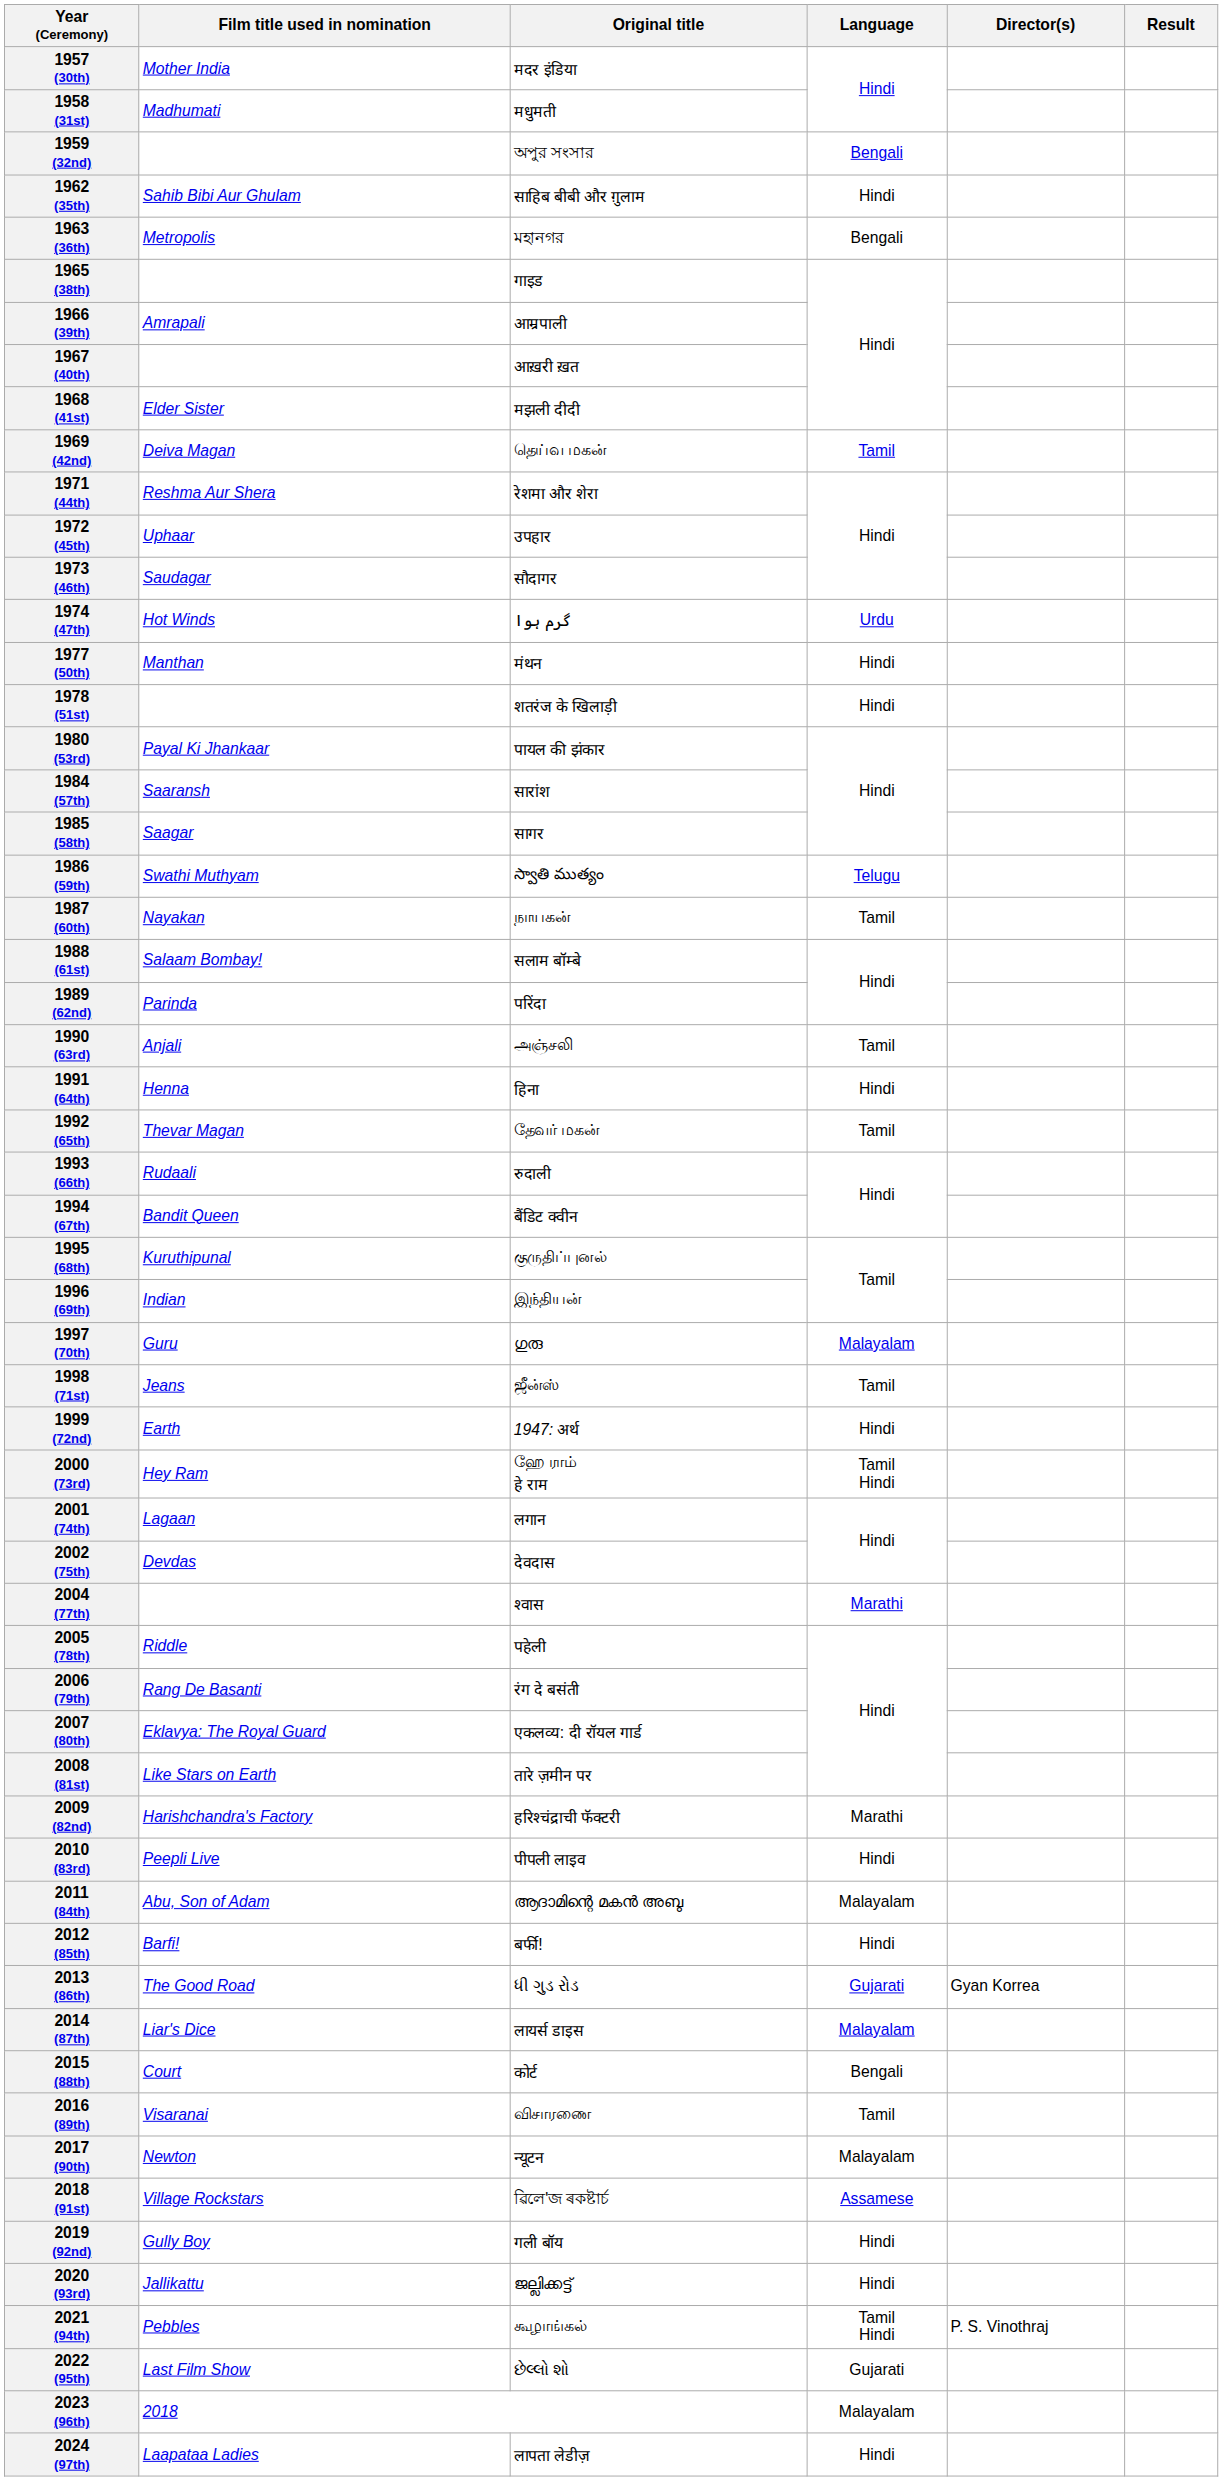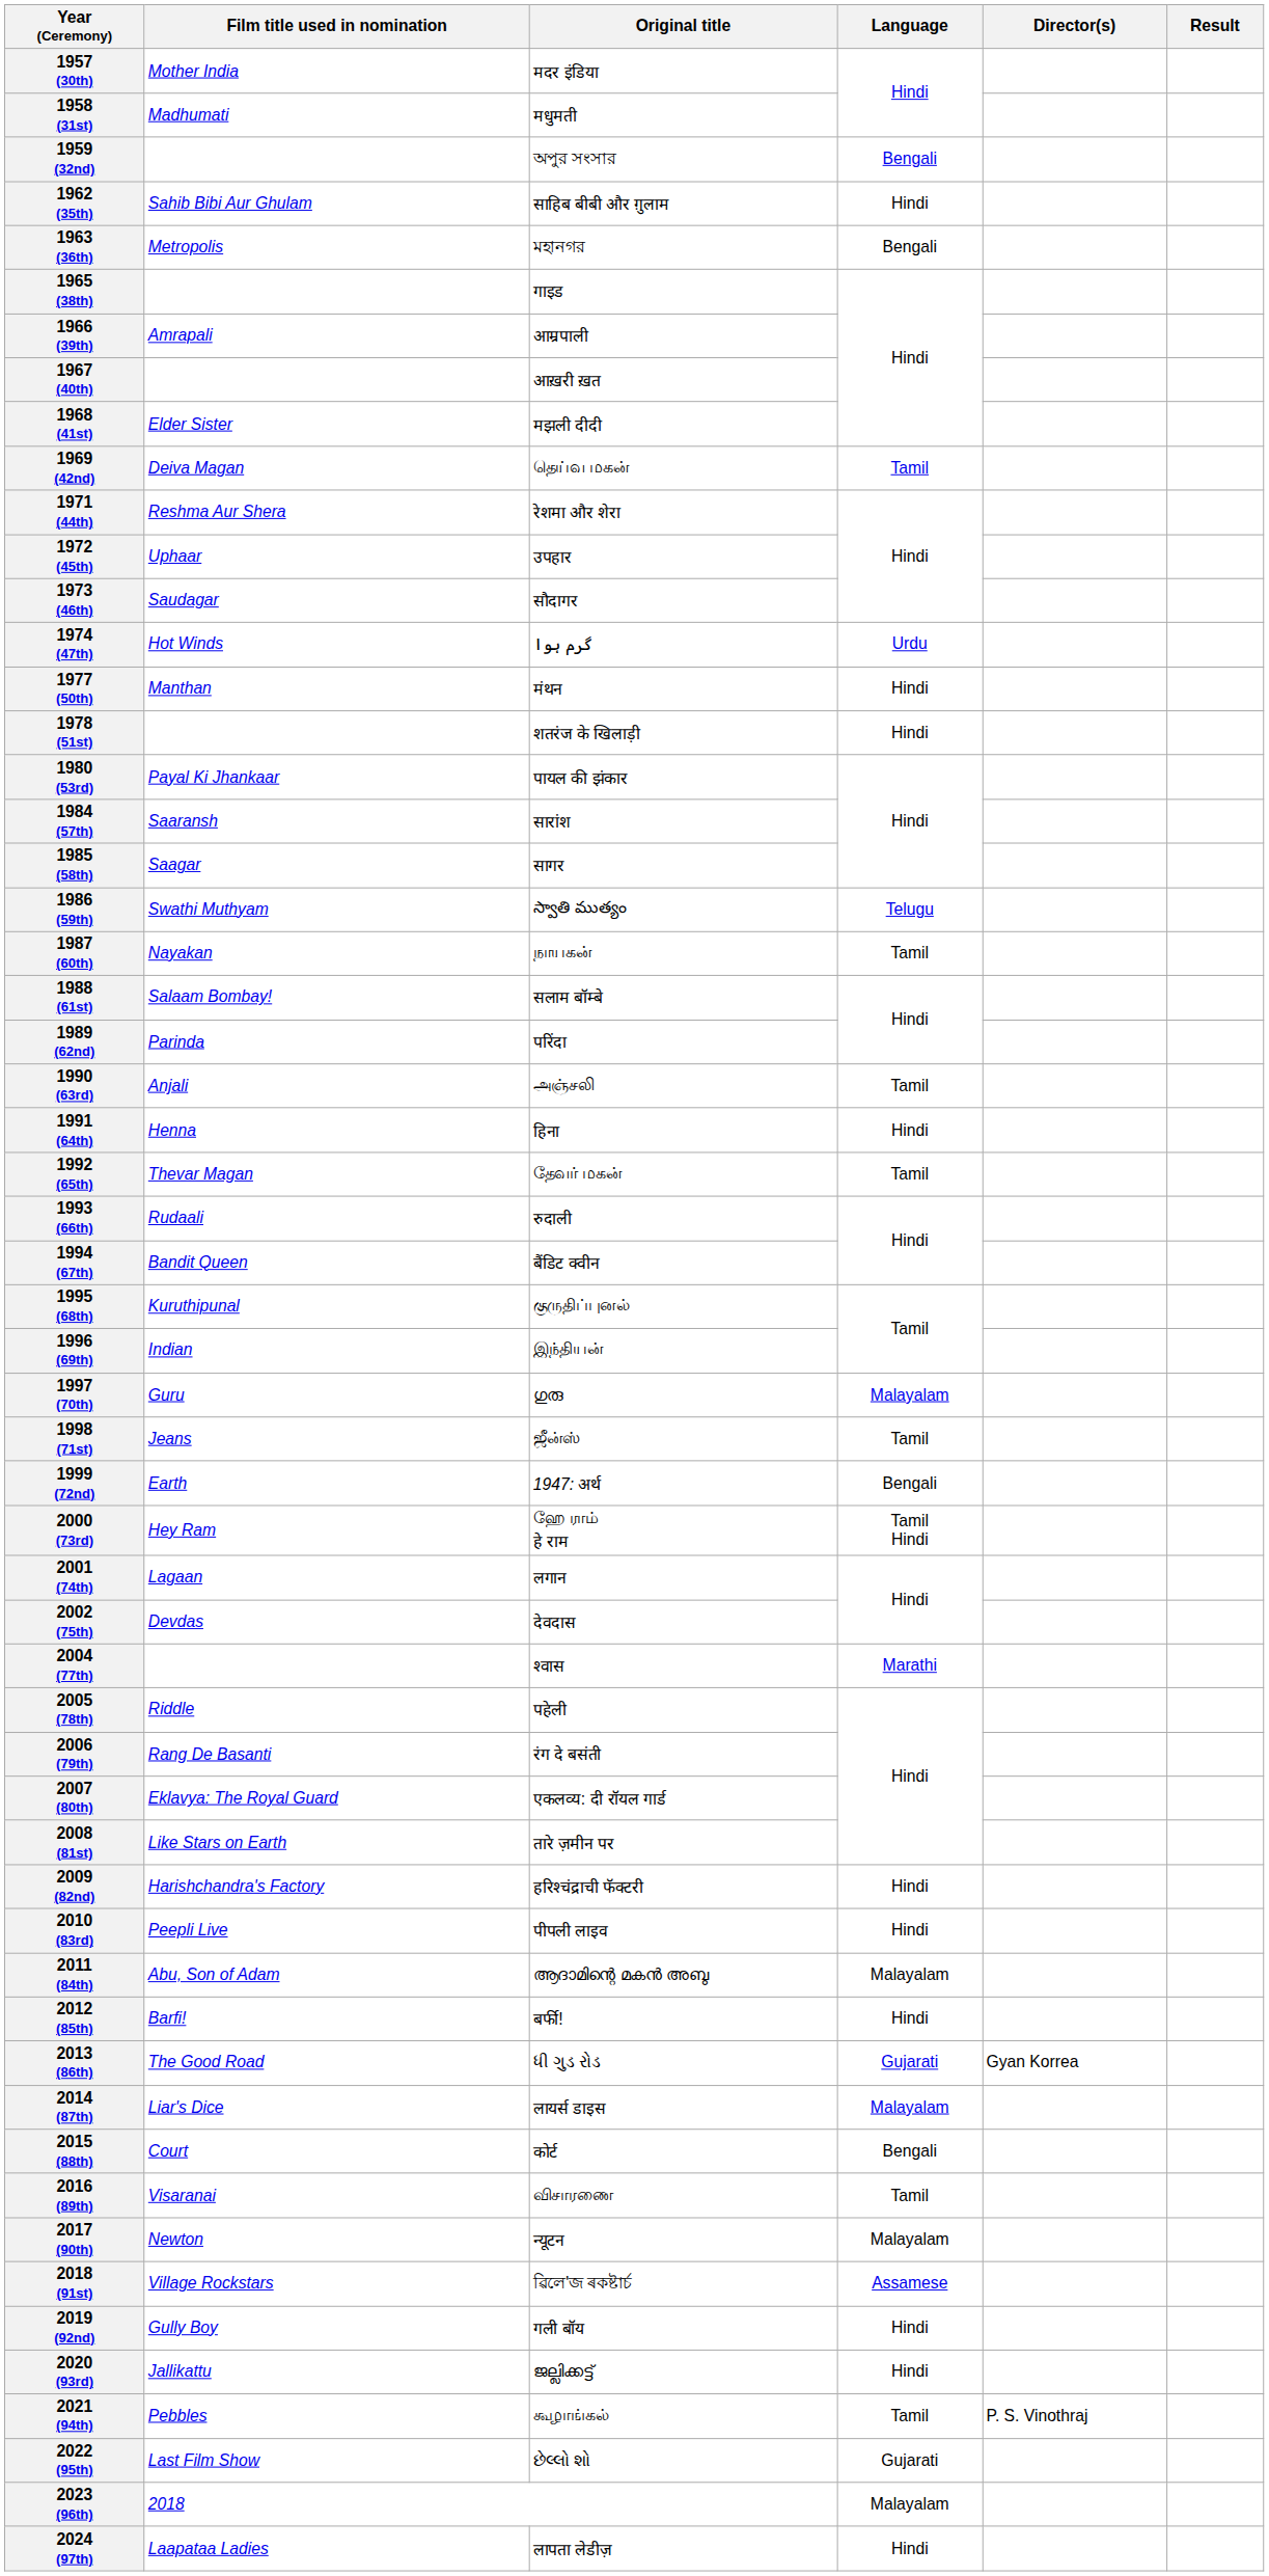 <table class="wikitable sortable" width="98%" style="background:#ffffff;">
 <tr>
 <th>Year<br><small>(Ceremony)</small></th>
 <th>Film title used in nomination</th>
 <th>Original title</th>
 <th>Language</th>
 <th>Director(s)</th>
 <th>Result</th>
 </tr>
 <tr>
 <th align="center">1957<br><small><a href='#'>(30th)</a></small></th>
 <td><em><a href='#'>Mother India</a></em></td>
 <td>मदर इंडिया</td>
 <td rowspan="2" align="center"><a href='#'>Hindi</a></td>
 <td></td>
 <td></td>
 </tr>
 <tr>
 <th align="center">1958<br><small><a href='#'>(31st)</a></small></th>
 <td><em><a href='#'>Madhumati</a></em></td>
 <td>मधुमती</td>
 <td></td>
 <td></td>
 </tr>
 <tr>
 <th align="center">1959<br><small><a href='#'>(32nd)</a></small></th>
 <td><em></em></td>
 <td>অপুর সংসার</td>
 <td align="center"><a href='#'>Bengali</a></td>
 <td></td>
 <td></td>
 </tr>
 <tr>
 <th align="center">1962<br><small><a href='#'>(35th)</a></small></th>
 <td><em><a href='#'>Sahib Bibi Aur Ghulam</a></em></td>
 <td>साहिब बीबी और ग़ुलाम</td>
 <td align="center">Hindi</td>
 <td></td>
 <td></td>
 </tr>
 <tr>
 <th align="center">1963<br><small><a href='#'>(36th)</a></small></th>
 <td><em><a href='#'>Metropolis</a></em></td>
 <td>মহানগর</td>
 <td align="center">Bengali</td>
 <td></td>
 <td></td>
 </tr>
 <tr>
 <th align="center">1965<br><small><a href='#'>(38th)</a></small></th>
 <td><em></em></td>
 <td>गाइड</td>
 <td rowspan="4" align="center">Hindi</td>
 <td></td>
 <td></td>
 </tr>
 <tr>
 <th align="center">1966<br><small><a href='#'>(39th)</a></small></th>
 <td><em><a href='#'>Amrapali</a></em></td>
 <td>आम्रपाली</td>
 <td></td>
 <td></td>
 </tr>
 <tr>
 <th align="center">1967<br><small><a href='#'>(40th)</a></small></th>
 <td><em></em></td>
 <td>आख़री ख़त</td>
 <td></td>
 <td></td>
 </tr>
 <tr>
 <th align="center">1968<br><small><a href='#'>(41st)</a></small></th>
 <td><em><a href='#'>Elder Sister</a></em></td>
 <td>मझली दीदी</td>
 <td></td>
 <td></td>
 </tr>
 <tr>
 <th align="center">1969<br><small><a href='#'>(42nd)</a></small></th>
 <td><em><a href='#'>Deiva Magan</a></em></td>
 <td>தெய்வ மகன்</td>
 <td align="center"><a href='#'>Tamil</a></td>
 <td></td>
 <td></td>
 </tr>
 <tr>
 <th align="center">1971<br><small><a href='#'>(44th)</a></small></th>
 <td><em><a href='#'>Reshma Aur Shera</a></em></td>
 <td>रेशमा और शेरा</td>
 <td rowspan="3" align="center">Hindi</td>
 <td></td>
 <td></td>
 </tr>
 <tr>
 <th align="center">1972<br><small><a href='#'>(45th)</a></small></th>
 <td><em><a href='#'>Uphaar</a></em></td>
 <td>उपहार</td>
 <td></td>
 <td></td>
 </tr>
 <tr>
 <th align="center">1973<br><small><a href='#'>(46th)</a></small></th>
 <td><em><a href='#'>Saudagar</a></em></td>
 <td>सौदागर</td>
 <td></td>
 <td></td>
 </tr>
 <tr>
 <th align="center">1974<br><small><a href='#'>(47th)</a></small></th>
 <td><em><a href='#'>Hot Winds</a></em></td>
 <td>گرم ہوا</td>
 <td align="center"><a href='#'>Urdu</a></td>
 <td></td>
 <td></td>
 </tr>
 <tr>
 <th align="center">1977<br><small><a href='#'>(50th)</a></small></th>
 <td><em><a href='#'>Manthan</a></em></td>
 <td>मंथन</td>
 <td align="center">Hindi</td>
 <td></td>
 <td></td>
 </tr>
 <tr>
 <th align="center">1978<br><small><a href='#'>(51st)</a></small></th>
 <td><em></em></td>
 <td>शतरंज के खिलाड़ी</td>
 <td align="center">Hindi</td>
 <td></td>
 <td></td>
 </tr>
 <tr>
 <th align="center">1980<br><small><a href='#'>(53rd)</a></small></th>
 <td><em><a href='#'>Payal Ki Jhankaar</a></em></td>
 <td>पायल की झंकार</td>
 <td rowspan="3" align="center">Hindi</td>
 <td></td>
 <td></td>
 </tr>
 <tr>
 <th align="center">1984<br><small><a href='#'>(57th)</a></small></th>
 <td><em><a href='#'>Saaransh</a></em></td>
 <td>सारांश</td>
 <td></td>
 <td></td>
 </tr>
 <tr>
 <th align="center">1985<br><small><a href='#'>(58th)</a></small></th>
 <td><em><a href='#'>Saagar</a></em></td>
 <td>सागर</td>
 <td></td>
 <td></td>
 </tr>
 <tr>
 <th align="center">1986<br><small><a href='#'>(59th)</a></small></th>
 <td><em><a href='#'>Swathi Muthyam</a></em></td>
 <td>స్వాతి ముత్యం</td>
 <td align="center"><a href='#'>Telugu</a></td>
 <td></td>
 <td></td>
 </tr>
 <tr>
 <th align="center">1987<br><small><a href='#'>(60th)</a></small></th>
 <td><em><a href='#'>Nayakan</a></em></td>
 <td>நாயகன்</td>
 <td align="center">Tamil</td>
 <td></td>
 <td></td>
 </tr>
 <tr>
 <th align="center">1988<br><small><a href='#'>(61st)</a></small></th>
 <td><em><a href='#'>Salaam Bombay!</a></em></td>
 <td>सलाम बॉम्बे</td>
 <td rowspan="2" align="center">Hindi</td>
 <td></td>
 <td></td>
 </tr>
 <tr>
 <th align="center">1989<br><small><a href='#'>(62nd)</a></small></th>
 <td><em><a href='#'>Parinda</a></em></td>
 <td>परिंदा</td>
 <td></td>
 <td></td>
 </tr>
 <tr>
 <th align="center">1990<br><small><a href='#'>(63rd)</a></small></th>
 <td><em><a href='#'>Anjali</a></em></td>
 <td>அஞ்சலி</td>
 <td align="center">Tamil</td>
 <td></td>
 <td></td>
 </tr>
 <tr>
 <th align="center">1991<br><small><a href='#'>(64th)</a></small></th>
 <td><em><a href='#'>Henna</a></em></td>
 <td>हिना</td>
 <td align="center">Hindi</td>
 <td></td>
 <td></td>
 </tr>
 <tr>
 <th align="center">1992<br><small><a href='#'>(65th)</a></small></th>
 <td><em><a href='#'>Thevar Magan</a></em></td>
 <td>தேவர் மகன்</td>
 <td align="center">Tamil</td>
 <td></td>
 <td></td>
 </tr>
 <tr>
 <th align="center">1993<br><small><a href='#'>(66th)</a></small></th>
 <td><em><a href='#'>Rudaali</a></em></td>
 <td>रुदाली</td>
 <td rowspan="2" align="center">Hindi</td>
 <td></td>
 <td></td>
 </tr>
 <tr>
 <th align="center">1994<br><small><a href='#'>(67th)</a></small></th>
 <td><em><a href='#'>Bandit Queen</a></em></td>
 <td>बैंडिट क्वीन</td>
 <td></td>
 <td></td>
 </tr>
 <tr>
 <th align="center">1995<br><small><a href='#'>(68th)</a></small></th>
 <td><em><a href='#'>Kuruthipunal</a></em></td>
 <td>குருதிப்புனல்</td>
 <td rowspan="2" align="center">Tamil</td>
 <td></td>
 <td></td>
 </tr>
 <tr>
 <th align="center">1996<br><small><a href='#'>(69th)</a></small></th>
 <td><em><a href='#'>Indian</a></em></td>
 <td>இந்தியன்</td>
 <td></td>
 <td></td>
 </tr>
 <tr>
 <th align="center">1997<br><small><a href='#'>(70th)</a></small></th>
 <td><em><a href='#'>Guru</a></em></td>
 <td>ഗുരു</td>
 <td align="center"><a href='#'>Malayalam</a></td>
 <td></td>
 <td></td>
 </tr>
 <tr>
 <th align="center">1998<br><small><a href='#'>(71st)</a></small></th>
 <td><em><a href='#'>Jeans</a></em></td>
 <td>ஜீன்ஸ்</td>
 <td align="center">Tamil</td>
 <td></td>
 <td></td>
 </tr>
 <tr>
 <th align="center">1999<br><small><a href='#'>(72nd)</a></small></th>
 <td><em><a href='#'>Earth</a></em></td>
 <td><em>1947:</em> अर्थ</td>
-<td align="center">Hindi</td>
+<td align="center">Bengali</td>
 <td></td>
 <td></td>
 </tr>
 <tr>
 <th align="center">2000<br><small><a href='#'>(73rd)</a></small></th>
 <td><em><a href='#'>Hey Ram</a></em></td>
 <td>ஹே ராம்<br>हे राम</td>
 <td align="center">Tamil<br>Hindi</td>
 <td></td>
 <td></td>
 </tr>
 <tr>
 <th align="center">2001<br><small><a href='#'>(74th)</a></small></th>
 <td><em><a href='#'>Lagaan</a></em></td>
 <td>लगान</td>
 <td rowspan="2" align="center">Hindi</td>
 <td></td>
 <td></td>
 </tr>
 <tr>
 <th align="center">2002<br><small><a href='#'>(75th)</a></small></th>
 <td><em><a href='#'>Devdas</a></em></td>
 <td>देवदास</td>
 <td></td>
 <td></td>
 </tr>
 <tr>
 <th align="center">2004<br><small><a href='#'>(77th)</a></small></th>
 <td><em></em></td>
 <td>श्वास</td>
 <td align="center"><a href='#'>Marathi</a></td>
 <td></td>
 <td></td>
 </tr>
 <tr>
 <th align="center">2005<br><small><a href='#'>(78th)</a></small></th>
 <td><em><a href='#'>Riddle</a></em></td>
 <td>पहेली</td>
 <td rowspan="4" align="center">Hindi</td>
 <td></td>
 <td></td>
 </tr>
 <tr>
 <th align="center">2006<br><small><a href='#'>(79th)</a></small></th>
 <td><em><a href='#'>Rang De Basanti</a></em></td>
 <td>रंग दे बसंती</td>
 <td></td>
 <td></td>
 </tr>
 <tr>
 <th align="center">2007<br><small><a href='#'>(80th)</a></small></th>
 <td><em><a href='#'>Eklavya: The Royal Guard</a></em></td>
 <td>एकलव्य: दी रॉयल गार्ड</td>
 <td></td>
 <td></td>
 </tr>
 <tr>
 <th align="center">2008<br><small><a href='#'>(81st)</a></small></th>
 <td><em><a href='#'>Like Stars on Earth</a></em></td>
 <td>तारे ज़मीन पर</td>
 <td></td>
 <td></td>
 </tr>
 <tr>
 <th align="center">2009<br><small><a href='#'>(82nd)</a></small></th>
 <td><em><a href='#'>Harishchandra's Factory</a></em></td>
 <td>हरिश्‍चंद्राची फॅक्टरी</td>
-<td align="center">Marathi</td>
+<td align="center">Hindi</td>
 <td></td>
 <td></td>
 </tr>
 <tr>
 <th align="center">2010<br><small><a href='#'>(83rd)</a></small></th>
 <td><em><a href='#'>Peepli Live</a></em></td>
 <td>पीपली लाइव</td>
 <td align="center">Hindi</td>
 <td></td>
 <td></td>
 </tr>
 <tr>
 <th align="center">2011<br><small><a href='#'>(84th)</a></small></th>
 <td><em><a href='#'>Abu, Son of Adam</a></em></td>
 <td>ആദാമിന്റെ മകൻ അബു</td>
 <td align="center">Malayalam</td>
 <td></td>
 <td></td>
 </tr>
 <tr>
 <th align="center">2012<br><small><a href='#'>(85th)</a></small></th>
 <td><em><a href='#'>Barfi!</a></em></td>
 <td>बर्फी!</td>
 <td align="center">Hindi</td>
 <td></td>
 <td></td>
 </tr>
 <tr>
 <th align="center">2013<br><small><a href='#'>(86th)</a></small></th>
 <td><em><a href='#'>The Good Road</a></em></td>
 <td>ધી ગુડ રોડ</td>
 <td align="center"><a href='#'>Gujarati</a></td>
 <td>Gyan Korrea</td>
 <td></td>
 </tr>
 <tr>
 <th align="center">2014<br><small><a href='#'>(87th)</a></small></th>
 <td><em><a href='#'>Liar's Dice</a></em></td>
 <td>लायर्स डाइस</td>
 <td align="center"><a href='#'>Malayalam</a></td>
 <td></td>
 <td></td>
 </tr>
 <tr>
 <th align="center">2015<br><small><a href='#'>(88th)</a></small></th>
 <td><em><a href='#'>Court</a></em></td>
 <td>कोर्ट</td>
 <td align="center">Bengali</td>
 <td></td>
 <td></td>
 </tr>
 <tr>
 <th align="center">2016<br><small><a href='#'>(89th)</a></small></th>
 <td><em><a href='#'>Visaranai</a></em></td>
 <td>விசாரணை</td>
 <td align="center">Tamil</td>
 <td></td>
 <td></td>
 </tr>
 <tr>
 <th align="center">2017<br><small><a href='#'>(90th)</a></small></th>
 <td><em><a href='#'>Newton</a></em></td>
 <td>न्यूटन</td>
 <td align="center">Malayalam</td>
 <td></td>
 <td></td>
 </tr>
 <tr>
 <th align="center">2018<br><small><a href='#'>(91st)</a></small></th>
 <td><em><a href='#'>Village Rockstars</a></em></td>
 <td>ৱিলে'জ ৰকষ্টাৰ্চ</td>
 <td align="center"><a href='#'>Assamese</a></td>
 <td></td>
 <td></td>
 </tr>
 <tr>
 <th align="center">2019<br><small><a href='#'>(92nd)</a></small></th>
 <td><em><a href='#'>Gully Boy</a></em></td>
 <td>गली बॉय</td>
 <td align="center">Hindi</td>
 <td></td>
 <td></td>
 </tr>
 <tr>
 <th align="center">2020<br><small><a href='#'>(93rd)</a></small></th>
 <td><em><a href='#'>Jallikattu</a></em></td>
 <td>ജല്ലിക്കട്ട്</td>
 <td align="center">Hindi</td>
 <td></td>
 <td></td>
 </tr>
 <tr>
 <th align="center">2021<br><small><a href='#'>(94th)</a></small></th>
 <td><em><a href='#'>Pebbles</a></em></td>
 <td>கூழாங்கல்</td>
-<td align="center">Tamil<br>Hindi</td>
+<td align="center">Tamil</td>
 <td>P. S. Vinothraj</td>
 <td></td>
 </tr>
 <tr>
 <th align="center">2022<br><small><a href='#'>(95th)</a></small></th>
 <td><em><a href='#'>Last Film Show</a></em></td>
 <td>છેલ્લો શો</td>
 <td align="center">Gujarati</td>
 <td></td>
 <td></td>
 </tr>
 <tr>
 <th align="center">2023<br><small><a href='#'>(96th)</a></small></th>
 <td colspan="2"><em><a href='#'>2018</a></em></td>
 <td align="center">Malayalam</td>
 <td></td>
 <td></td>
 </tr>
 <tr>
 <th align="center">2024<br><small><a href='#'>(97th)</a></small></th>
 <td><em><a href='#'>Laapataa Ladies</a></em></td>
 <td>लापता लेडीज़</td>
 <td align="center">Hindi</td>
 <td></td>
 <td></td>
 </tr>
 </table>
